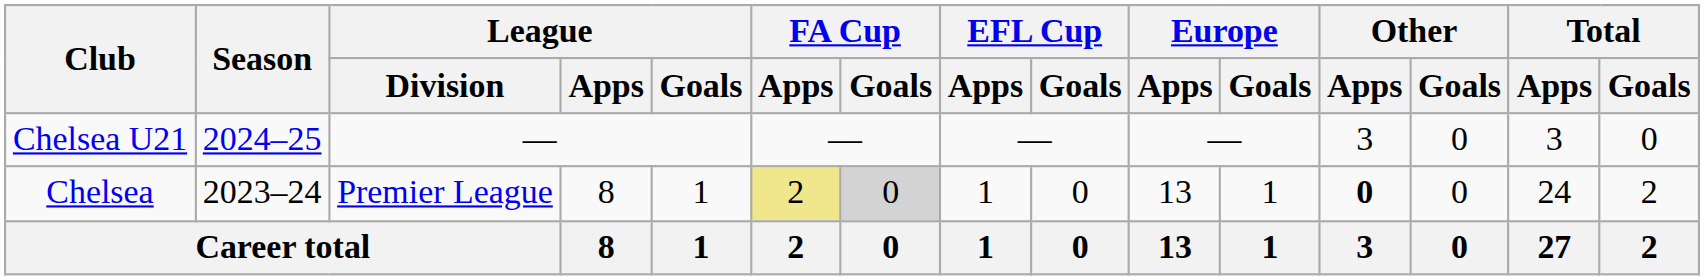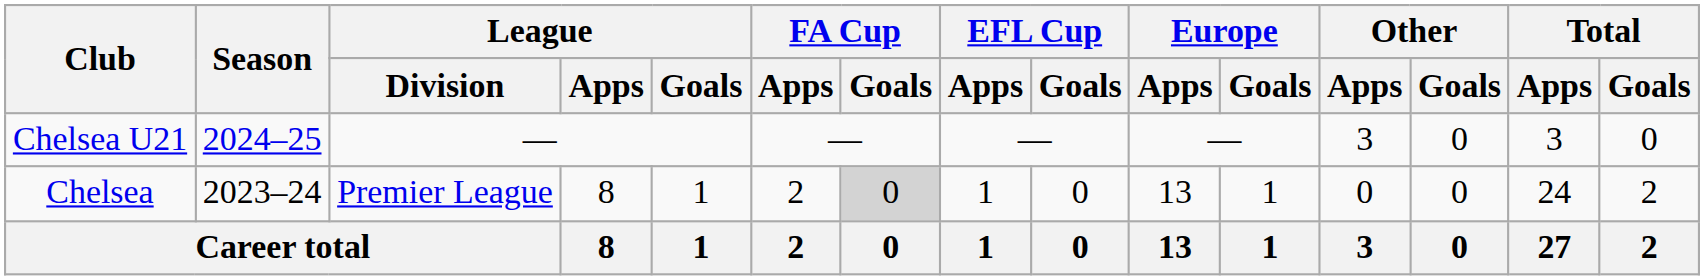 <table class="wikitable" style="text-align: center;">
 <tr>
 <th rowspan=2>Club</th>
 <th rowspan=2>Season</th>
 <th colspan=3>League</th>
 <th colspan=2><a href='#'>FA Cup</a></th>
 <th colspan=2><a href='#'>EFL Cup</a></th>
 <th colspan=2><a href='#'>Europe</a></th>
 <th colspan=2>Other</th>
 <th colspan=2>Total</th>
 </tr>
 <tr>
 <th>Division</th>
 <th>Apps</th>
 <th>Goals</th>
 <th>Apps</th>
 <th>Goals</th>
 <th>Apps</th>
 <th>Goals</th>
 <th>Apps</th>
 <th>Goals</th>
 <th>Apps</th>
 <th>Goals</th>
 <th>Apps</th>
 <th>Goals</th>
 </tr>
 <tr>
 <td><a href='#'>Chelsea U21</a></td>
 <td><a href='#'>2024–25</a></td>
 <td colspan=3>—</td>
 <td colspan=2>—</td>
 <td colspan=2>—</td>
 <td colspan=2>—</td>
 <td>3</td>
 <td>0</td>
 <td>3</td>
 <td>0</td>
 </tr>
 <tr>
 <td><a href='#'>Chelsea</a></td>
 <td>2023–24</td>
 <td><a href='#'>Premier League</a></td>
 <td>8</td>
 <td>1</td>
-<td style="background: khaki;">2</td>
+<td>2</td>
 <td style="background: lightgrey;">0</td>
 <td>1</td>
 <td>0</td>
 <td>13</td>
 <td>1</td>
-<td><strong>0</strong></td>
+<td>0</td>
 <td>0</td>
 <td>24</td>
 <td>2</td>
 </tr>
 <tr>
 <th colspan=3>Career total</th>
 <th>8</th>
 <th>1</th>
 <th>2</th>
 <th>0</th>
 <th>1</th>
 <th>0</th>
 <th>13</th>
 <th>1</th>
 <th>3</th>
 <th>0</th>
 <th>27</th>
 <th>2</th>
 </tr>
 </table>
